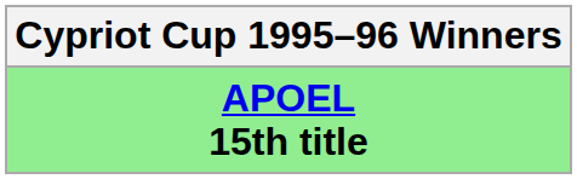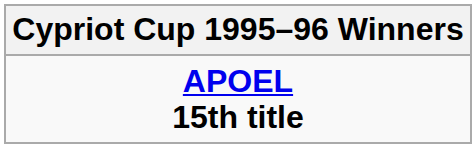 <table class="wikitable" style="text-align:center;margin: 0 auto;">
 <tr>
 <th>Cypriot Cup 1995–96 Winners</th>
 </tr>
 <tr>
 </tr>
 <tr>
-<td style="background: lightgreen;"><strong><a href='#'>APOEL</a></strong><br><strong>15th title</strong></td>
+<td><strong><a href='#'>APOEL</a></strong><br><strong>15th title</strong></td>
 </tr>
 </table>
